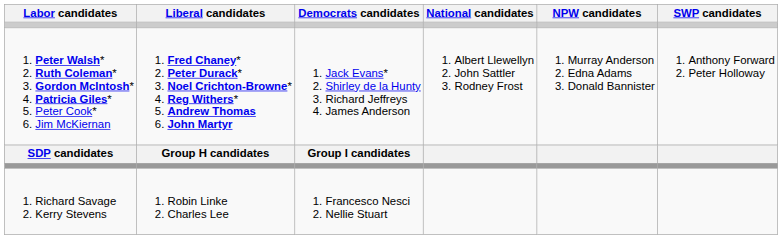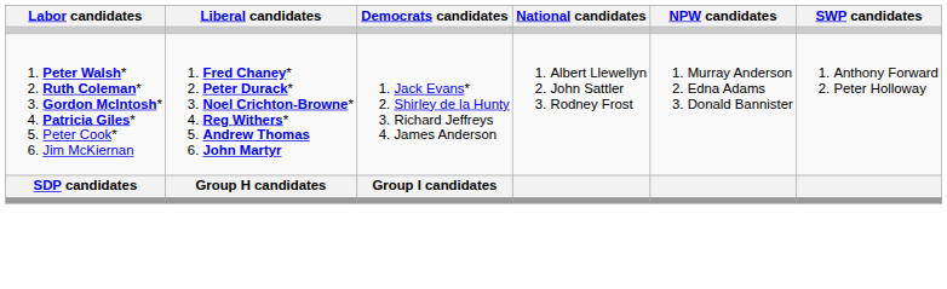 <table class="wikitable">
 <tr>
 <th><a href='#'>Labor</a> candidates</th>
 <th><a href='#'>Liberal</a> candidates</th>
 <th><a href='#'>Democrats</a> candidates</th>
 <th><a href='#'>National</a> candidates</th>
 <th><a href='#'>NPW</a> candidates</th>
 <th><a href='#'>SWP</a> candidates</th>
 </tr>
 <tr bgcolor="#cccccc">
 <td></td>
 <td></td>
 <td></td>
 <td></td>
 <td></td>
 <td></td>
 </tr>
 <tr>
 <td><br><ol><li><strong><a href='#'>Peter Walsh</a></strong>*</li><li><strong><a href='#'>Ruth Coleman</a></strong>*</li><li><strong><a href='#'>Gordon McIntosh</a></strong>*</li><li><strong><a href='#'>Patricia Giles</a></strong>*</li><li><a href='#'>Peter Cook</a>*</li><li><a href='#'>Jim McKiernan</a></li></ol></td>
 <td><br><ol><li><strong><a href='#'>Fred Chaney</a></strong>*</li><li><strong><a href='#'>Peter Durack</a></strong>*</li><li><strong><a href='#'>Noel Crichton-Browne</a></strong>*</li><li><strong><a href='#'>Reg Withers</a></strong>*</li><li><strong><a href='#'>Andrew Thomas</a></strong></li><li><strong><a href='#'>John Martyr</a></strong></li></ol></td>
 <td><br><ol><li><a href='#'>Jack Evans</a>*</li><li><a href='#'>Shirley de la Hunty</a></li><li>Richard Jeffreys</li><li>James Anderson</li></ol></td>
 <td valign=top><br><ol><li>Albert Llewellyn</li><li>John Sattler</li><li>Rodney Frost</li></ol></td>
 <td valign=top><br><ol><li>Murray Anderson</li><li>Edna Adams</li><li>Donald Bannister</li></ol></td>
 <td valign=top><br><ol><li>Anthony Forward</li><li>Peter Holloway</li></ol></td>
 </tr>
 <tr bgcolor="#cccccc">
 <th><a href='#'>SDP</a> candidates</th>
 <th>Group H candidates</th>
 <th>Group I candidates</th>
 <th></th>
 <th></th>
 <th></th>
 </tr>
 <tr bgcolor="#cccccc">
 <td bgcolor="#999999"></td>
 <td bgcolor="#999999"></td>
 <td bgcolor="#999999"></td>
 <td bgcolor="#999999"></td>
 <td bgcolor="#999999"></td>
 <td bgcolor="#999999"></td>
 </tr>
-<tr>
-<td valign=top><br><ol><li>Richard Savage</li><li>Kerry Stevens</li></ol></td>
-<td valign=top><br><ol><li>Robin Linke</li><li>Charles Lee</li></ol></td>
-<td valign=top><br><ol><li>Francesco Nesci</li><li>Nellie Stuart</li></ol></td>
-<td valign=top></td>
-<td valign=top></td>
-<td valign=top></td>
-</tr>
 </table>
